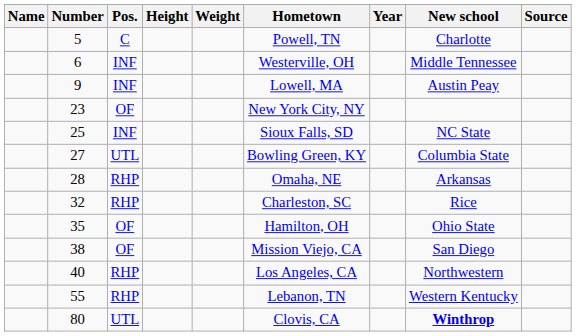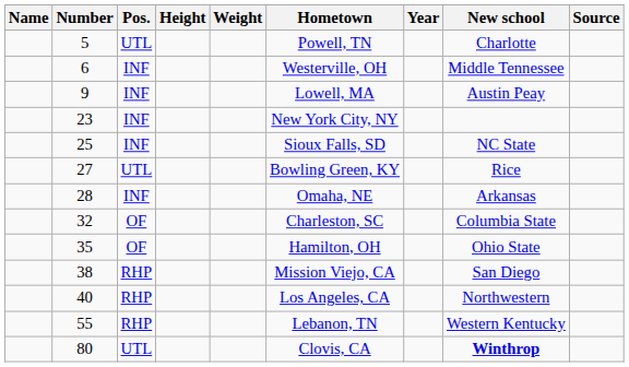 <table class="wikitable sortable" style="text-align: center">
 <tr>
 </tr>
 <tr>
 <th>Name</th>
 <th>Number</th>
 <th>Pos.</th>
 <th>Height</th>
 <th>Weight</th>
 <th>Hometown</th>
 <th>Year</th>
 <th>New school</th>
 <th>Source</th>
 </tr>
 <tr>
 <td></td>
 <td>5</td>
-<td><a href='#'>C</a></td>
+<td><a href='#'>UTL</a></td>
 <td></td>
 <td></td>
 <td><a href='#'>Powell, TN</a></td>
 <td></td>
 <td><a href='#'>Charlotte</a></td>
 <td></td>
 </tr>
 <tr>
 <td></td>
 <td>6</td>
 <td><a href='#'>INF</a></td>
 <td></td>
 <td></td>
 <td><a href='#'>Westerville, OH</a></td>
 <td></td>
 <td><a href='#'>Middle Tennessee</a></td>
 <td></td>
 </tr>
 <tr>
 <td></td>
 <td>9</td>
 <td><a href='#'>INF</a></td>
 <td></td>
 <td></td>
 <td><a href='#'>Lowell, MA</a></td>
 <td></td>
 <td><a href='#'>Austin Peay</a></td>
 <td></td>
 </tr>
 <tr>
 <td></td>
 <td>23</td>
-<td><a href='#'>OF</a></td>
+<td><a href='#'>INF</a></td>
 <td></td>
 <td></td>
 <td><a href='#'>New York City, NY</a></td>
 <td></td>
 <td></td>
 <td></td>
 </tr>
 <tr>
 <td></td>
 <td>25</td>
 <td><a href='#'>INF</a></td>
 <td></td>
 <td></td>
 <td><a href='#'>Sioux Falls, SD</a></td>
 <td></td>
 <td><a href='#'>NC State</a></td>
 <td></td>
 </tr>
 <tr>
 <td></td>
 <td>27</td>
 <td><a href='#'>UTL</a></td>
 <td></td>
 <td></td>
 <td><a href='#'>Bowling Green, KY</a></td>
 <td></td>
-<td><a href='#'>Columbia State</a></td>
+<td><a href='#'>Rice</a></td>
 <td></td>
 </tr>
 <tr>
 <td></td>
 <td>28</td>
-<td><a href='#'>RHP</a></td>
+<td><a href='#'>INF</a></td>
 <td></td>
 <td></td>
 <td><a href='#'>Omaha, NE</a></td>
 <td></td>
 <td><a href='#'>Arkansas</a></td>
 <td></td>
 </tr>
 <tr>
 <td></td>
 <td>32</td>
-<td><a href='#'>RHP</a></td>
+<td><a href='#'>OF</a></td>
 <td></td>
 <td></td>
 <td><a href='#'>Charleston, SC</a></td>
 <td></td>
-<td><a href='#'>Rice</a></td>
+<td><a href='#'>Columbia State</a></td>
 <td></td>
 </tr>
 <tr>
 <td></td>
 <td>35</td>
 <td><a href='#'>OF</a></td>
 <td></td>
 <td></td>
 <td><a href='#'>Hamilton, OH</a></td>
 <td></td>
 <td><a href='#'>Ohio State</a></td>
 <td></td>
 </tr>
 <tr>
 <td></td>
 <td>38</td>
-<td><a href='#'>OF</a></td>
+<td><a href='#'>RHP</a></td>
 <td></td>
 <td></td>
 <td><a href='#'>Mission Viejo, CA</a></td>
 <td></td>
 <td><a href='#'>San Diego</a></td>
 <td></td>
 </tr>
 <tr>
 <td></td>
 <td>40</td>
 <td><a href='#'>RHP</a></td>
 <td></td>
 <td></td>
 <td><a href='#'>Los Angeles, CA</a></td>
 <td></td>
 <td><a href='#'>Northwestern</a></td>
 <td></td>
 </tr>
 <tr>
 <td></td>
 <td>55</td>
 <td><a href='#'>RHP</a></td>
 <td></td>
 <td></td>
 <td><a href='#'>Lebanon, TN</a></td>
 <td></td>
 <td><a href='#'>Western Kentucky</a></td>
 <td></td>
 </tr>
 <tr>
 <td></td>
 <td>80</td>
 <td><a href='#'>UTL</a></td>
 <td></td>
 <td></td>
 <td><a href='#'>Clovis, CA</a></td>
 <td></td>
 <td><strong><a href='#'>Winthrop</a></strong></td>
 <td></td>
 </tr>
 </table>
